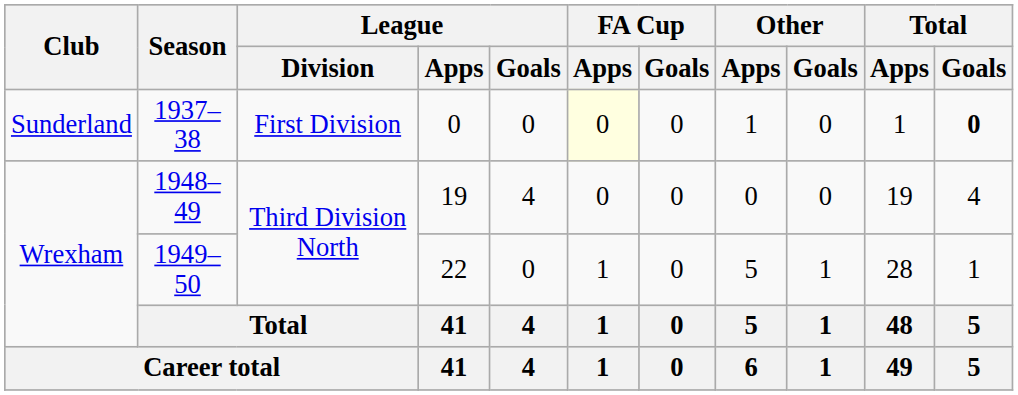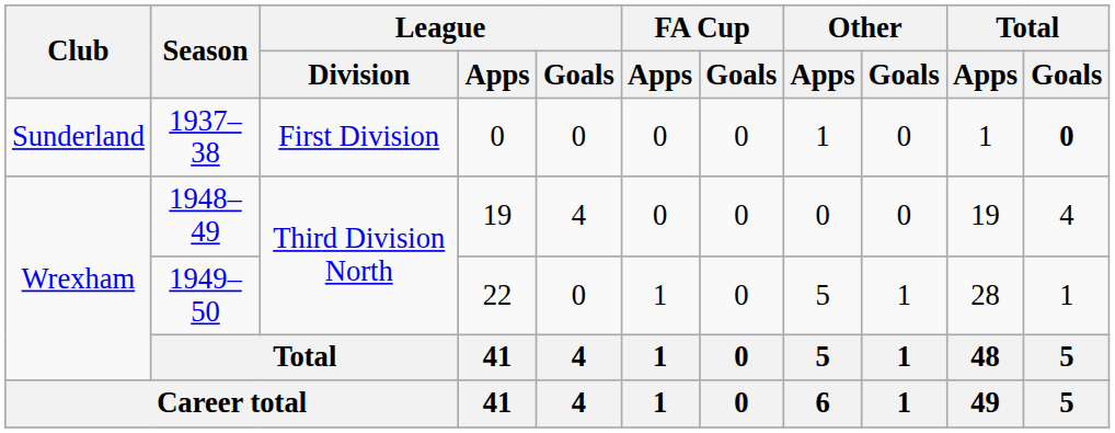 <table class="wikitable" style="text-align: center;">
 <tr>
 <th rowspan="2">Club</th>
 <th rowspan="2">Season</th>
 <th colspan="3">League</th>
 <th colspan="2">FA Cup</th>
 <th colspan="2">Other</th>
 <th colspan="2">Total</th>
 </tr>
 <tr>
 <th>Division</th>
 <th>Apps</th>
 <th>Goals</th>
 <th>Apps</th>
 <th>Goals</th>
 <th>Apps</th>
 <th>Goals</th>
 <th>Apps</th>
 <th>Goals</th>
 </tr>
 <tr>
 <td><a href='#'>Sunderland</a></td>
 <td><a href='#'>1937–38</a></td>
 <td><a href='#'>First Division</a></td>
 <td>0</td>
 <td>0</td>
-<td style="background: lightyellow;">0</td>
+<td>0</td>
 <td>0</td>
 <td>1</td>
 <td>0</td>
 <td>1</td>
 <td><strong>0</strong></td>
 </tr>
 <tr>
 <td rowspan="3"><a href='#'>Wrexham</a></td>
 <td><a href='#'>1948–49</a></td>
 <td rowspan="2"><a href='#'>Third Division North</a></td>
 <td>19</td>
 <td>4</td>
 <td>0</td>
 <td>0</td>
 <td>0</td>
 <td>0</td>
 <td>19</td>
 <td>4</td>
 </tr>
 <tr>
 <td><a href='#'>1949–50</a></td>
 <td>22</td>
 <td>0</td>
 <td>1</td>
 <td>0</td>
 <td>5</td>
 <td>1</td>
 <td>28</td>
 <td>1</td>
 </tr>
 <tr>
 <th colspan="2">Total</th>
 <th>41</th>
 <th>4</th>
 <th>1</th>
 <th>0</th>
 <th>5</th>
 <th>1</th>
 <th>48</th>
 <th>5</th>
 </tr>
 <tr>
 <th colspan="3">Career total</th>
 <th>41</th>
 <th>4</th>
 <th>1</th>
 <th>0</th>
 <th>6</th>
 <th>1</th>
 <th>49</th>
 <th>5</th>
 </tr>
 </table>
